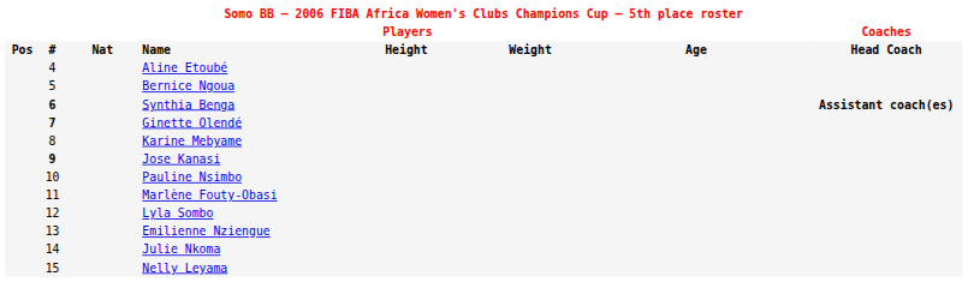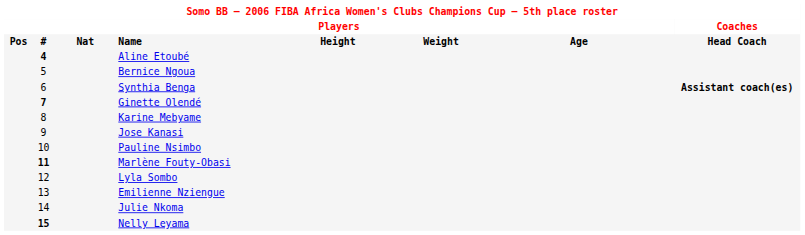 <table border=0 cellpadding=2 cellspacing=0  |- bgcolor=#f5f5f5 style="text-align:center; font-size:90%;" width=75%>
 <tr>
 <td colspan="8" style="background: white; color: red"><strong>Somo BB – 2006 FIBA Africa Women's Clubs Champions Cup – 5th place roster</strong></td>
 </tr>
 <tr>
 <td colspan="7" style="background: white; color: red"><strong>Players</strong></td>
 <td style="background: white; color: red"><strong>Coaches</strong></td>
 </tr>
 <tr style="background=#f5f5f5; color: black">
 <th width=5px>Pos</th>
 <th width=5px>#</th>
 <th width=50px>Nat</th>
 <th width=135px align=left>Name</th>
 <th width=100px>Height</th>
 <th width=70px>Weight</th>
 <th width=160px>Age</th>
 <th width=105px>Head Coach</th>
 </tr>
 <tr>
 <td></td>
-<td>4</td>
+<td><strong>4</strong></td>
 <td></td>
 <td align=left><a href='#'>Aline Etoubé</a></td>
 <td></td>
 <td></td>
 <td><span></span></td>
 <td></td>
 </tr>
 <tr>
 <td></td>
 <td>5</td>
 <td></td>
 <td align=left><a href='#'>Bernice Ngoua</a></td>
 <td></td>
 <td></td>
 <td><span></span></td>
 </tr>
 <tr>
 <td></td>
-<td><strong>6</strong></td>
+<td>6</td>
 <td></td>
 <td align=left><a href='#'>Synthia Benga</a></td>
 <td></td>
 <td></td>
 <td><span></span></td>
 <td><strong>Assistant coach(es)</strong></td>
 </tr>
 <tr>
 <td></td>
 <td><strong>7</strong></td>
 <td></td>
 <td align=left><a href='#'>Ginette Olendé</a></td>
 <td></td>
 <td></td>
 <td><span></span></td>
 <td></td>
 </tr>
 <tr>
 <td></td>
 <td>8</td>
 <td></td>
 <td align=left><a href='#'>Karine Mebyame</a></td>
 <td></td>
 <td></td>
 <td><span></span></td>
 <td></td>
 </tr>
 <tr>
 <td></td>
-<td><strong>9</strong></td>
+<td>9</td>
 <td></td>
 <td align=left><a href='#'>Jose Kanasi</a></td>
 <td></td>
 <td></td>
 <td><span></span></td>
 </tr>
 <tr>
 <td></td>
 <td>10</td>
 <td></td>
 <td align=left><a href='#'>Pauline Nsimbo</a></td>
 <td></td>
 <td></td>
 <td><span></span></td>
 </tr>
 <tr>
 <td></td>
-<td>11</td>
+<td><strong>11</strong></td>
 <td></td>
 <td align=left><a href='#'>Marlène Fouty-Obasi</a></td>
 <td></td>
 <td></td>
 <td><span></span></td>
 </tr>
 <tr>
 <td></td>
 <td>12</td>
 <td></td>
 <td align=left><a href='#'>Lyla Sombo</a></td>
 <td></td>
 <td></td>
 <td><span></span></td>
 </tr>
 <tr>
 <td></td>
 <td>13</td>
 <td></td>
 <td align=left><a href='#'>Emilienne Nziengue</a></td>
 <td></td>
 <td></td>
 <td><span></span></td>
 </tr>
 <tr>
 <td></td>
 <td>14</td>
 <td></td>
 <td align=left><a href='#'>Julie Nkoma</a></td>
 <td></td>
 <td></td>
 <td><span></span></td>
 </tr>
 <tr>
 <td></td>
-<td>15</td>
+<td><strong>15</strong></td>
 <td></td>
 <td align=left><a href='#'>Nelly Leyama</a></td>
 <td></td>
 <td></td>
 <td><span></span></td>
 </tr>
 </table>
